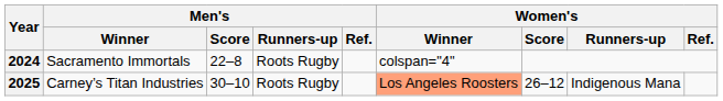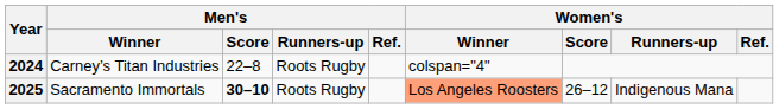 <table class="wikitable">
 <tr>
 <th rowspan="2">Year</th>
 <th colspan="4">Men's</th>
 <th colspan="4">Women's</th>
 </tr>
 <tr>
 <th>Winner</th>
 <th>Score</th>
 <th>Runners-up</th>
 <th>Ref.</th>
 <th>Winner</th>
 <th>Score</th>
 <th>Runners-up</th>
 <th>Ref.</th>
 </tr>
 <tr>
 <th>2024</th>
-<td>Sacramento Immortals</td>
+<td>Carney’s Titan Industries</td>
 <td>22–8</td>
 <td>Roots Rugby</td>
 <td></td>
 <td>colspan="4"</td>
 </tr>
 <tr>
 <th>2025</th>
-<td>Carney’s Titan Industries</td>
-<td>30–10</td>
+<td>Sacramento Immortals</td>
+<td><strong>30–10</strong></td>
 <td>Roots Rugby</td>
 <td></td>
 <td style="background: lightsalmon;">Los Angeles Roosters</td>
 <td>26–12</td>
 <td>Indigenous Mana</td>
 <td></td>
 </tr>
 </table>
